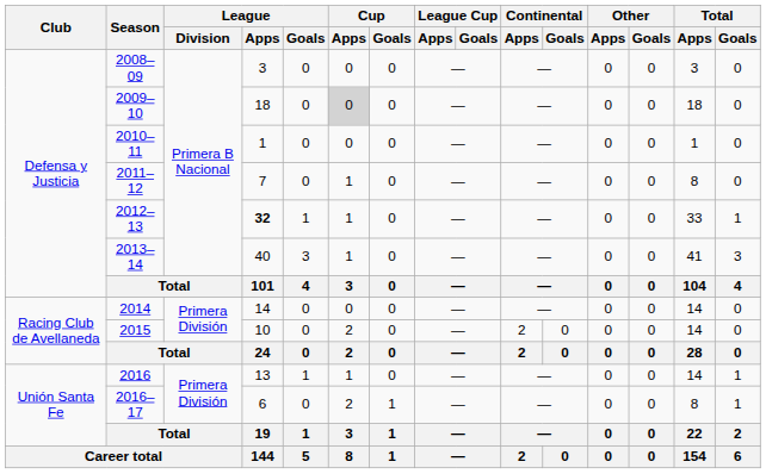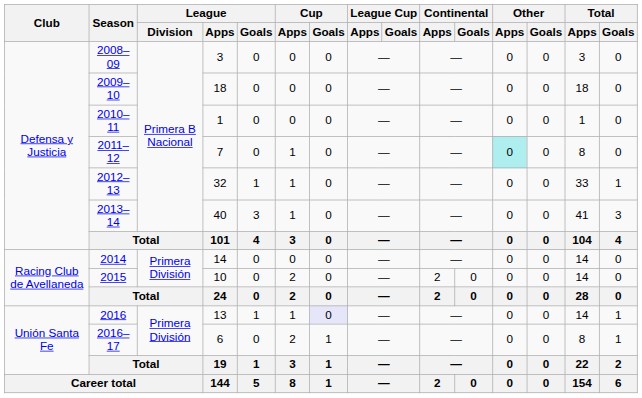 <table class="wikitable" style="text-align:center">
 <tr>
 <th rowspan="2">Club</th>
 <th rowspan="2">Season</th>
 <th colspan="3">League</th>
 <th colspan="2">Cup</th>
 <th colspan="2">League Cup</th>
 <th colspan="2">Continental</th>
 <th colspan="2">Other</th>
 <th colspan="2">Total</th>
 </tr>
 <tr>
 <th>Division</th>
 <th>Apps</th>
 <th>Goals</th>
 <th>Apps</th>
 <th>Goals</th>
 <th>Apps</th>
 <th>Goals</th>
 <th>Apps</th>
 <th>Goals</th>
 <th>Apps</th>
 <th>Goals</th>
 <th>Apps</th>
 <th>Goals</th>
 </tr>
 <tr>
 <td rowspan="7"><a href='#'>Defensa y Justicia</a></td>
 <td><a href='#'>2008–09</a></td>
 <td rowspan="6"><a href='#'>Primera B Nacional</a></td>
 <td>3</td>
 <td>0</td>
 <td>0</td>
 <td>0</td>
 <td colspan="2">—</td>
 <td colspan="2">—</td>
 <td>0</td>
 <td>0</td>
 <td>3</td>
 <td>0</td>
 </tr>
 <tr>
 <td><a href='#'>2009–10</a></td>
 <td>18</td>
 <td>0</td>
-<td style="background: lightgrey;">0</td>
+<td>0</td>
 <td>0</td>
 <td colspan="2">—</td>
 <td colspan="2">—</td>
 <td>0</td>
 <td>0</td>
 <td>18</td>
 <td>0</td>
 </tr>
 <tr>
 <td><a href='#'>2010–11</a></td>
 <td>1</td>
 <td>0</td>
 <td>0</td>
 <td>0</td>
 <td colspan="2">—</td>
 <td colspan="2">—</td>
 <td>0</td>
 <td>0</td>
 <td>1</td>
 <td>0</td>
 </tr>
 <tr>
 <td><a href='#'>2011–12</a></td>
 <td>7</td>
 <td>0</td>
 <td>1</td>
 <td>0</td>
 <td colspan="2">—</td>
 <td colspan="2">—</td>
-<td>0</td>
+<td style="background: paleturquoise;">0</td>
 <td>0</td>
 <td>8</td>
 <td>0</td>
 </tr>
 <tr>
 <td><a href='#'>2012–13</a></td>
-<td><strong>32</strong></td>
+<td>32</td>
 <td>1</td>
 <td>1</td>
 <td>0</td>
 <td colspan="2">—</td>
 <td colspan="2">—</td>
 <td>0</td>
 <td>0</td>
 <td>33</td>
 <td>1</td>
 </tr>
 <tr>
 <td><a href='#'>2013–14</a></td>
 <td>40</td>
 <td>3</td>
 <td>1</td>
 <td>0</td>
 <td colspan="2">—</td>
 <td colspan="2">—</td>
 <td>0</td>
 <td>0</td>
 <td>41</td>
 <td>3</td>
 </tr>
 <tr>
 <th colspan="2">Total</th>
 <th>101</th>
 <th>4</th>
 <th>3</th>
 <th>0</th>
 <th colspan="2">—</th>
 <th colspan="2">—</th>
 <th>0</th>
 <th>0</th>
 <th>104</th>
 <th>4</th>
 </tr>
 <tr>
 <td rowspan="3"><a href='#'>Racing Club de Avellaneda</a></td>
 <td><a href='#'>2014</a></td>
 <td rowspan="2"><a href='#'>Primera División</a></td>
 <td>14</td>
 <td>0</td>
 <td>0</td>
 <td>0</td>
 <td colspan="2">—</td>
 <td colspan="2">—</td>
 <td>0</td>
 <td>0</td>
 <td>14</td>
 <td>0</td>
 </tr>
 <tr>
 <td><a href='#'>2015</a></td>
 <td>10</td>
 <td>0</td>
 <td>2</td>
 <td>0</td>
 <td colspan="2">—</td>
 <td>2</td>
 <td>0</td>
 <td>0</td>
 <td>0</td>
 <td>14</td>
 <td>0</td>
 </tr>
 <tr>
 <th colspan="2">Total</th>
 <th>24</th>
 <th>0</th>
 <th>2</th>
 <th>0</th>
 <th colspan="2">—</th>
 <th>2</th>
 <th>0</th>
 <th>0</th>
 <th>0</th>
 <th>28</th>
 <th>0</th>
 </tr>
 <tr>
 <td rowspan="3"><a href='#'>Unión Santa Fe</a></td>
 <td><a href='#'>2016</a></td>
 <td rowspan="2"><a href='#'>Primera División</a></td>
 <td>13</td>
 <td>1</td>
 <td>1</td>
-<td>0</td>
+<td style="background: lavender;">0</td>
 <td colspan="2">—</td>
 <td colspan="2">—</td>
 <td>0</td>
 <td>0</td>
 <td>14</td>
 <td>1</td>
 </tr>
 <tr>
 <td><a href='#'>2016–17</a></td>
 <td>6</td>
 <td>0</td>
 <td>2</td>
 <td>1</td>
 <td colspan="2">—</td>
 <td colspan="2">—</td>
 <td>0</td>
 <td>0</td>
 <td>8</td>
 <td>1</td>
 </tr>
 <tr>
 <th colspan="2">Total</th>
 <th>19</th>
 <th>1</th>
 <th>3</th>
 <th>1</th>
 <th colspan="2">—</th>
 <th colspan="2">—</th>
 <th>0</th>
 <th>0</th>
 <th>22</th>
 <th>2</th>
 </tr>
 <tr>
 <th colspan="3">Career total</th>
 <th>144</th>
 <th>5</th>
 <th>8</th>
 <th>1</th>
 <th colspan="2">—</th>
 <th>2</th>
 <th>0</th>
 <th>0</th>
 <th>0</th>
 <th>154</th>
 <th>6</th>
 </tr>
 </table>
